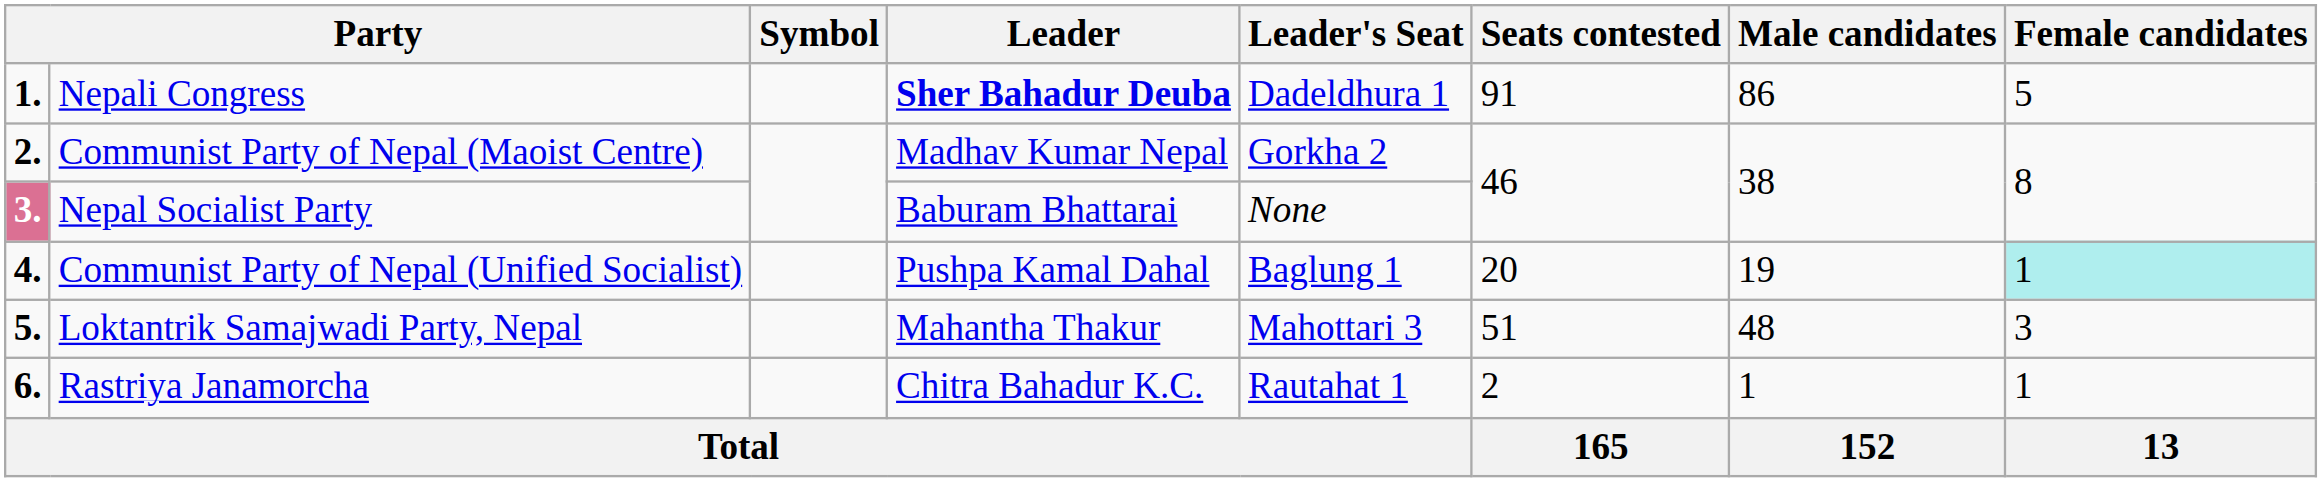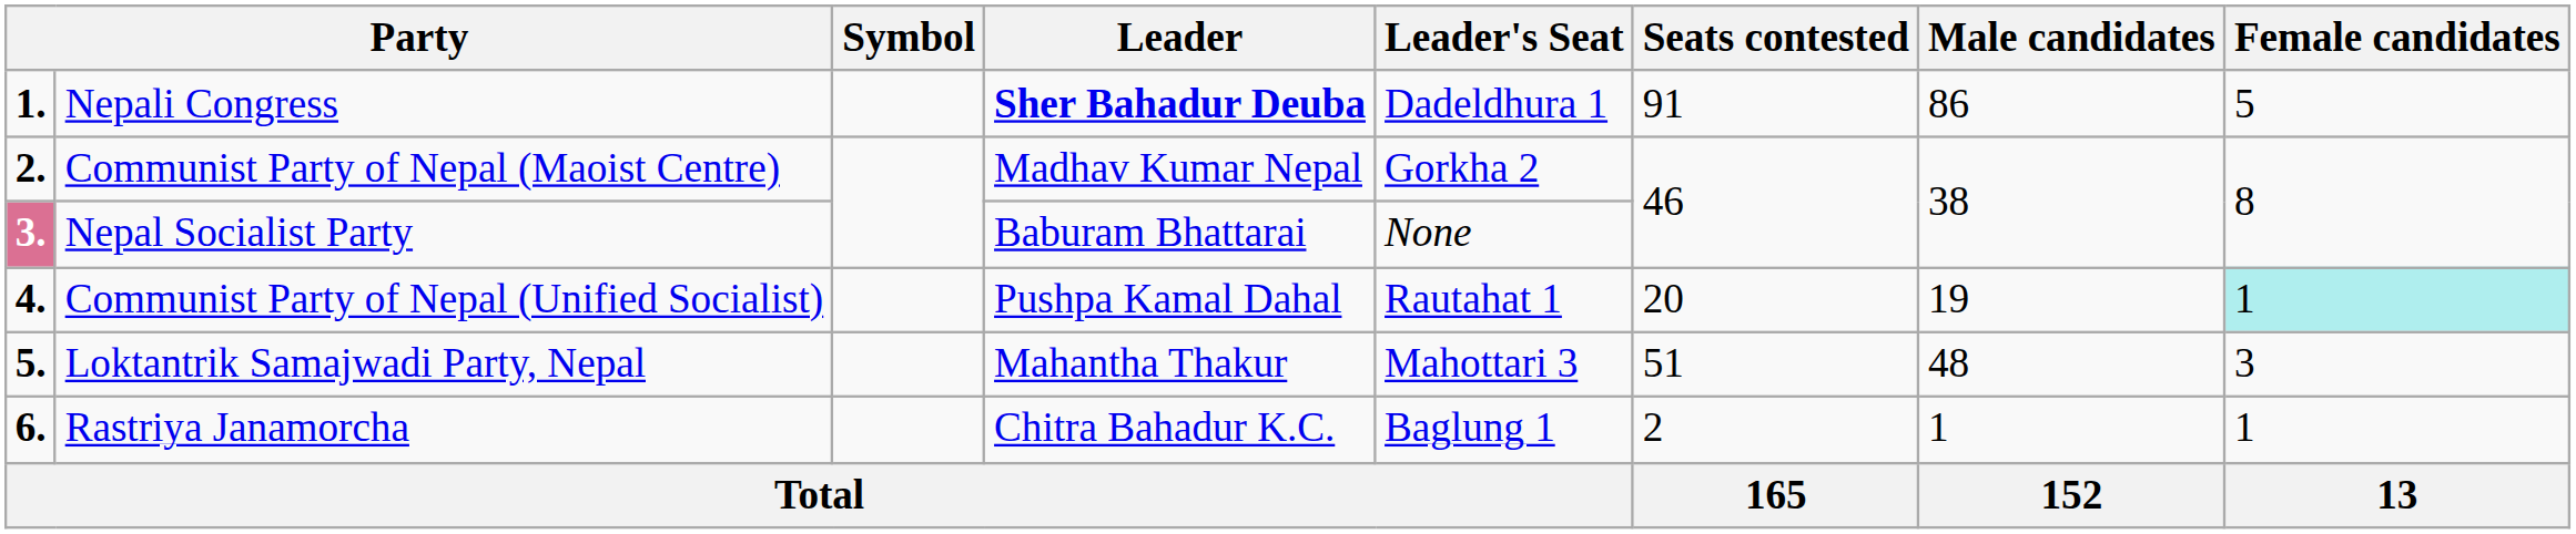 <table class="wikitable">
 <tr>
 <th colspan="2">Party</th>
 <th>Symbol</th>
 <th>Leader</th>
 <th>Leader's Seat</th>
 <th>Seats contested</th>
 <th>Male candidates</th>
 <th>Female candidates</th>
 </tr>
 <tr>
 <td style="text-align:center; background:"><strong>1.</strong></td>
 <td><a href='#'>Nepali Congress</a></td>
 <td></td>
 <td><strong><a href='#'>Sher Bahadur Deuba</a></strong></td>
 <td><a href='#'>Dadeldhura 1</a></td>
 <td>91</td>
 <td>86</td>
 <td>5</td>
 </tr>
 <tr>
 <td style="text-align:center; background:"><strong>2.</strong></td>
 <td><a href='#'>Communist Party of Nepal (Maoist Centre)</a></td>
 <td rowspan="2"></td>
 <td><a href='#'>Madhav Kumar Nepal</a></td>
 <td><a href='#'>Gorkha 2</a></td>
 <td rowspan="2">46</td>
 <td rowspan="2">38</td>
 <td rowspan="2">8</td>
 </tr>
 <tr>
 <td style="text-align:center; background:#db7093;color:white"><strong>3.</strong></td>
 <td><a href='#'>Nepal Socialist Party</a></td>
 <td><a href='#'>Baburam Bhattarai</a></td>
 <td><em>None</em></td>
 </tr>
 <tr>
 <td style="text-align:center; background:"><strong>4.</strong></td>
 <td><a href='#'>Communist Party of Nepal (Unified Socialist)</a></td>
 <td></td>
 <td><a href='#'>Pushpa Kamal Dahal</a></td>
-<td><a href='#'>Baglung 1</a></td>
+<td><a href='#'>Rautahat 1</a></td>
 <td>20</td>
 <td>19</td>
 <td style="background: paleturquoise;">1</td>
 </tr>
 <tr>
 <td style="text-align:center; background:"><strong>5.</strong></td>
 <td><a href='#'>Loktantrik Samajwadi Party, Nepal</a></td>
 <td></td>
 <td><a href='#'>Mahantha Thakur</a></td>
 <td><a href='#'>Mahottari 3</a></td>
 <td>51</td>
 <td>48</td>
 <td>3</td>
 </tr>
 <tr>
 <td style="text-align:center; background:"><strong>6.</strong></td>
 <td><a href='#'>Rastriya Janamorcha</a></td>
 <td></td>
 <td><a href='#'>Chitra Bahadur K.C.</a></td>
-<td><a href='#'>Rautahat 1</a></td>
+<td><a href='#'>Baglung 1</a></td>
 <td>2</td>
 <td>1</td>
 <td>1</td>
 </tr>
 <tr>
 <th colspan="5">Total</th>
 <th>165</th>
 <th>152</th>
 <th>13</th>
 </tr>
 </table>
